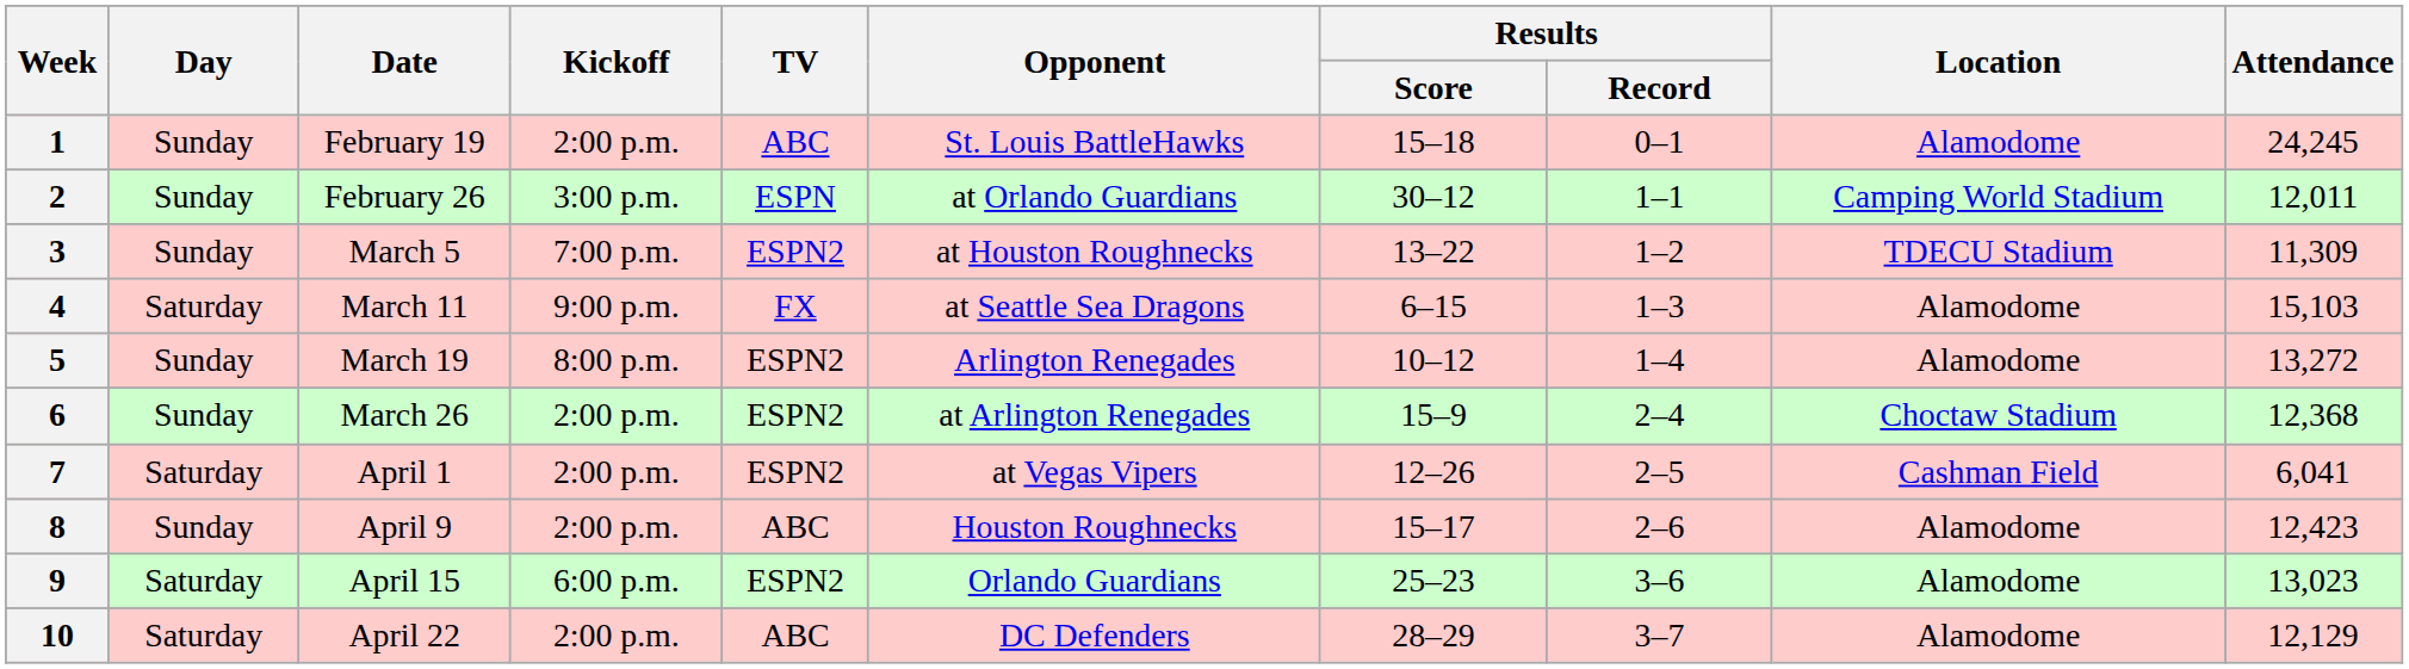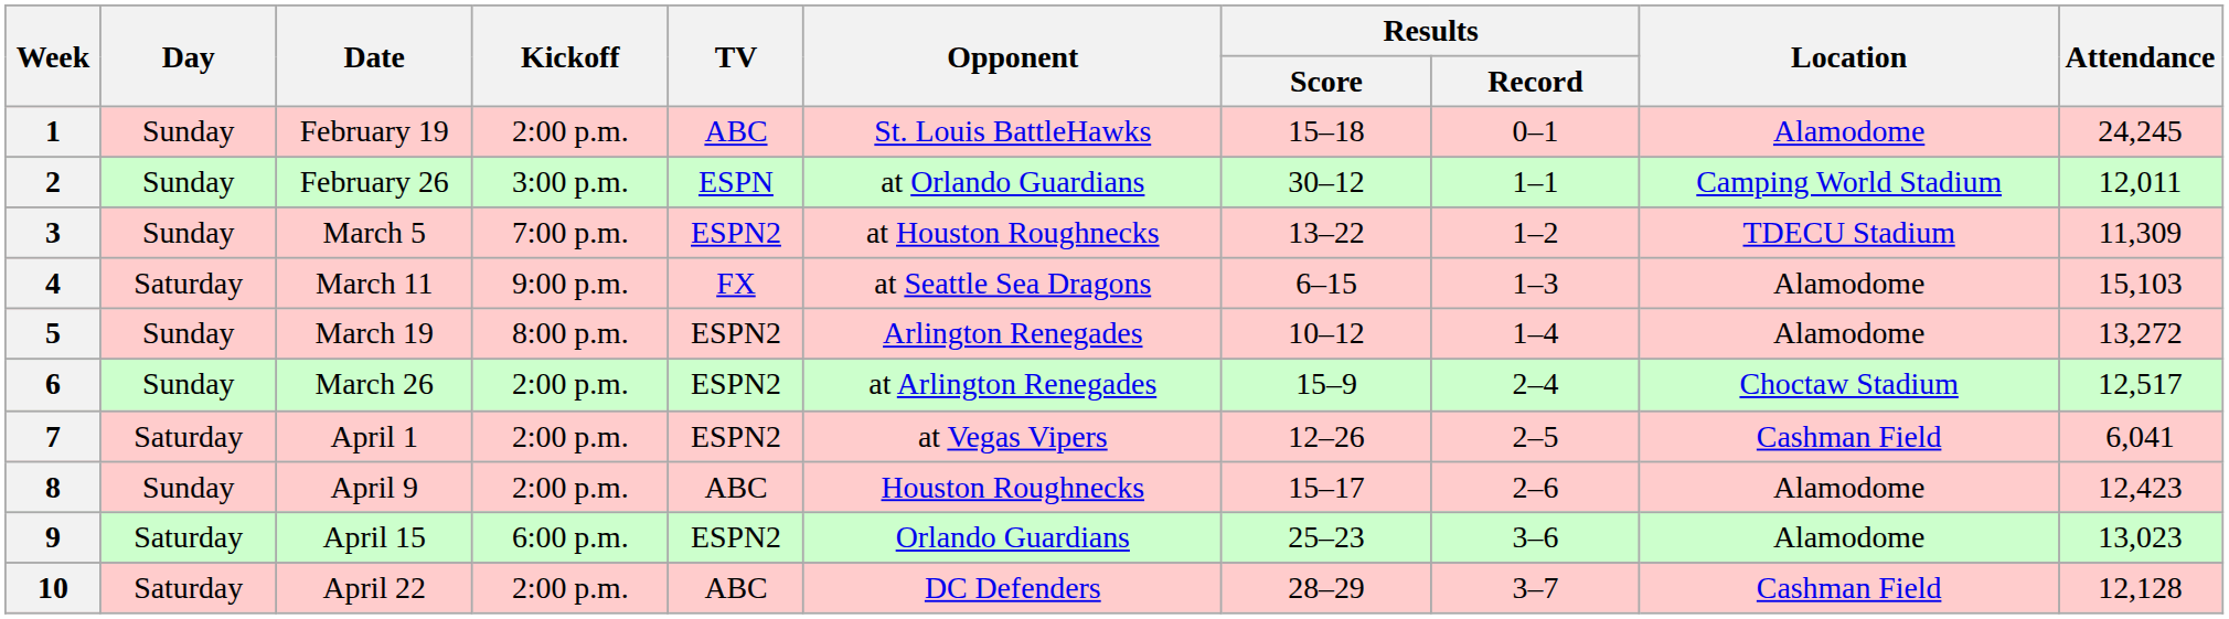 <table class="wikitable" style="text-align:center; font-size: 95%;">
 <tr>
 <th rowspan="2" width="40">Week</th>
 <th rowspan="2" width="80">Day</th>
 <th rowspan="2" width="90">Date</th>
 <th rowspan="2" width="90">Kickoff</th>
 <th rowspan="2" width="60">TV</th>
 <th rowspan="2" width="200">Opponent</th>
 <th colspan="2" width="200">Results</th>
 <th rowspan="2" width="200">Location</th>
 <th rowspan="2">Attendance</th>
 </tr>
 <tr>
 <th width="60">Score</th>
 <th width="60">Record</th>
 </tr>
 <tr bgcolor=#ffcccc>
 <th>1</th>
 <td>Sunday</td>
 <td>February 19</td>
 <td>2:00 p.m.</td>
 <td><a href='#'>ABC</a></td>
 <td><a href='#'>St. Louis BattleHawks</a></td>
 <td>15–18</td>
 <td>0–1</td>
 <td><a href='#'>Alamodome</a></td>
 <td>24,245</td>
 </tr>
 <tr bgcolor=#ccffcc>
 <th>2</th>
 <td>Sunday</td>
 <td>February 26</td>
 <td>3:00 p.m.</td>
 <td><a href='#'>ESPN</a></td>
 <td>at <a href='#'>Orlando Guardians</a></td>
 <td>30–12</td>
 <td>1–1</td>
 <td><a href='#'>Camping World Stadium</a></td>
 <td>12,011</td>
 </tr>
 <tr bgcolor=#ffcccc>
 <th>3</th>
 <td>Sunday</td>
 <td>March 5</td>
 <td>7:00 p.m.</td>
 <td><a href='#'>ESPN2</a></td>
 <td>at <a href='#'>Houston Roughnecks</a></td>
 <td>13–22</td>
 <td>1–2</td>
 <td><a href='#'>TDECU Stadium</a></td>
 <td>11,309</td>
 </tr>
 <tr bgcolor=#ffcccc>
 <th>4</th>
 <td>Saturday</td>
 <td>March 11</td>
 <td>9:00 p.m.</td>
 <td><a href='#'>FX</a></td>
 <td>at <a href='#'>Seattle Sea Dragons</a></td>
 <td>6–15</td>
 <td>1–3</td>
 <td>Alamodome</td>
 <td>15,103</td>
 </tr>
 <tr bgcolor=#ffcccc>
 <th>5</th>
 <td>Sunday</td>
 <td>March 19</td>
 <td>8:00 p.m.</td>
 <td>ESPN2</td>
 <td><a href='#'>Arlington Renegades</a></td>
 <td>10–12</td>
 <td>1–4</td>
 <td>Alamodome</td>
 <td>13,272</td>
 </tr>
 <tr bgcolor=#ccffcc>
 <th>6</th>
 <td>Sunday</td>
 <td>March 26</td>
 <td>2:00 p.m.</td>
 <td>ESPN2</td>
 <td>at <a href='#'>Arlington Renegades</a></td>
 <td>15–9</td>
 <td>2–4</td>
 <td><a href='#'>Choctaw Stadium</a></td>
-<td>12,368</td>
+<td>12,517</td>
 </tr>
 <tr bgcolor=#ffcccc>
 <th>7</th>
 <td>Saturday</td>
 <td>April 1</td>
 <td>2:00 p.m.</td>
 <td>ESPN2</td>
 <td>at <a href='#'>Vegas Vipers</a></td>
 <td>12–26</td>
 <td>2–5</td>
 <td><a href='#'>Cashman Field</a></td>
 <td>6,041</td>
 </tr>
 <tr bgcolor=#ffcccc>
 <th>8</th>
 <td>Sunday</td>
 <td>April 9</td>
 <td>2:00 p.m.</td>
 <td>ABC</td>
 <td><a href='#'>Houston Roughnecks</a></td>
 <td>15–17 </td>
 <td>2–6</td>
 <td>Alamodome</td>
 <td>12,423</td>
 </tr>
 <tr bgcolor=#ccffcc>
 <th>9</th>
 <td>Saturday</td>
 <td>April 15</td>
 <td>6:00 p.m.</td>
 <td>ESPN2</td>
 <td><a href='#'>Orlando Guardians</a></td>
 <td>25–23</td>
 <td>3–6</td>
 <td>Alamodome</td>
 <td>13,023</td>
 </tr>
 <tr bgcolor=#ffcccc>
 <th>10</th>
 <td>Saturday</td>
 <td>April 22</td>
 <td>2:00 p.m.</td>
 <td>ABC</td>
 <td><a href='#'>DC Defenders</a></td>
 <td>28–29</td>
 <td>3–7</td>
-<td>Alamodome</td>
-<td>12,129</td>
+<td><a href='#'>Cashman Field</a></td>
+<td>12,128</td>
 </tr>
 </table>
